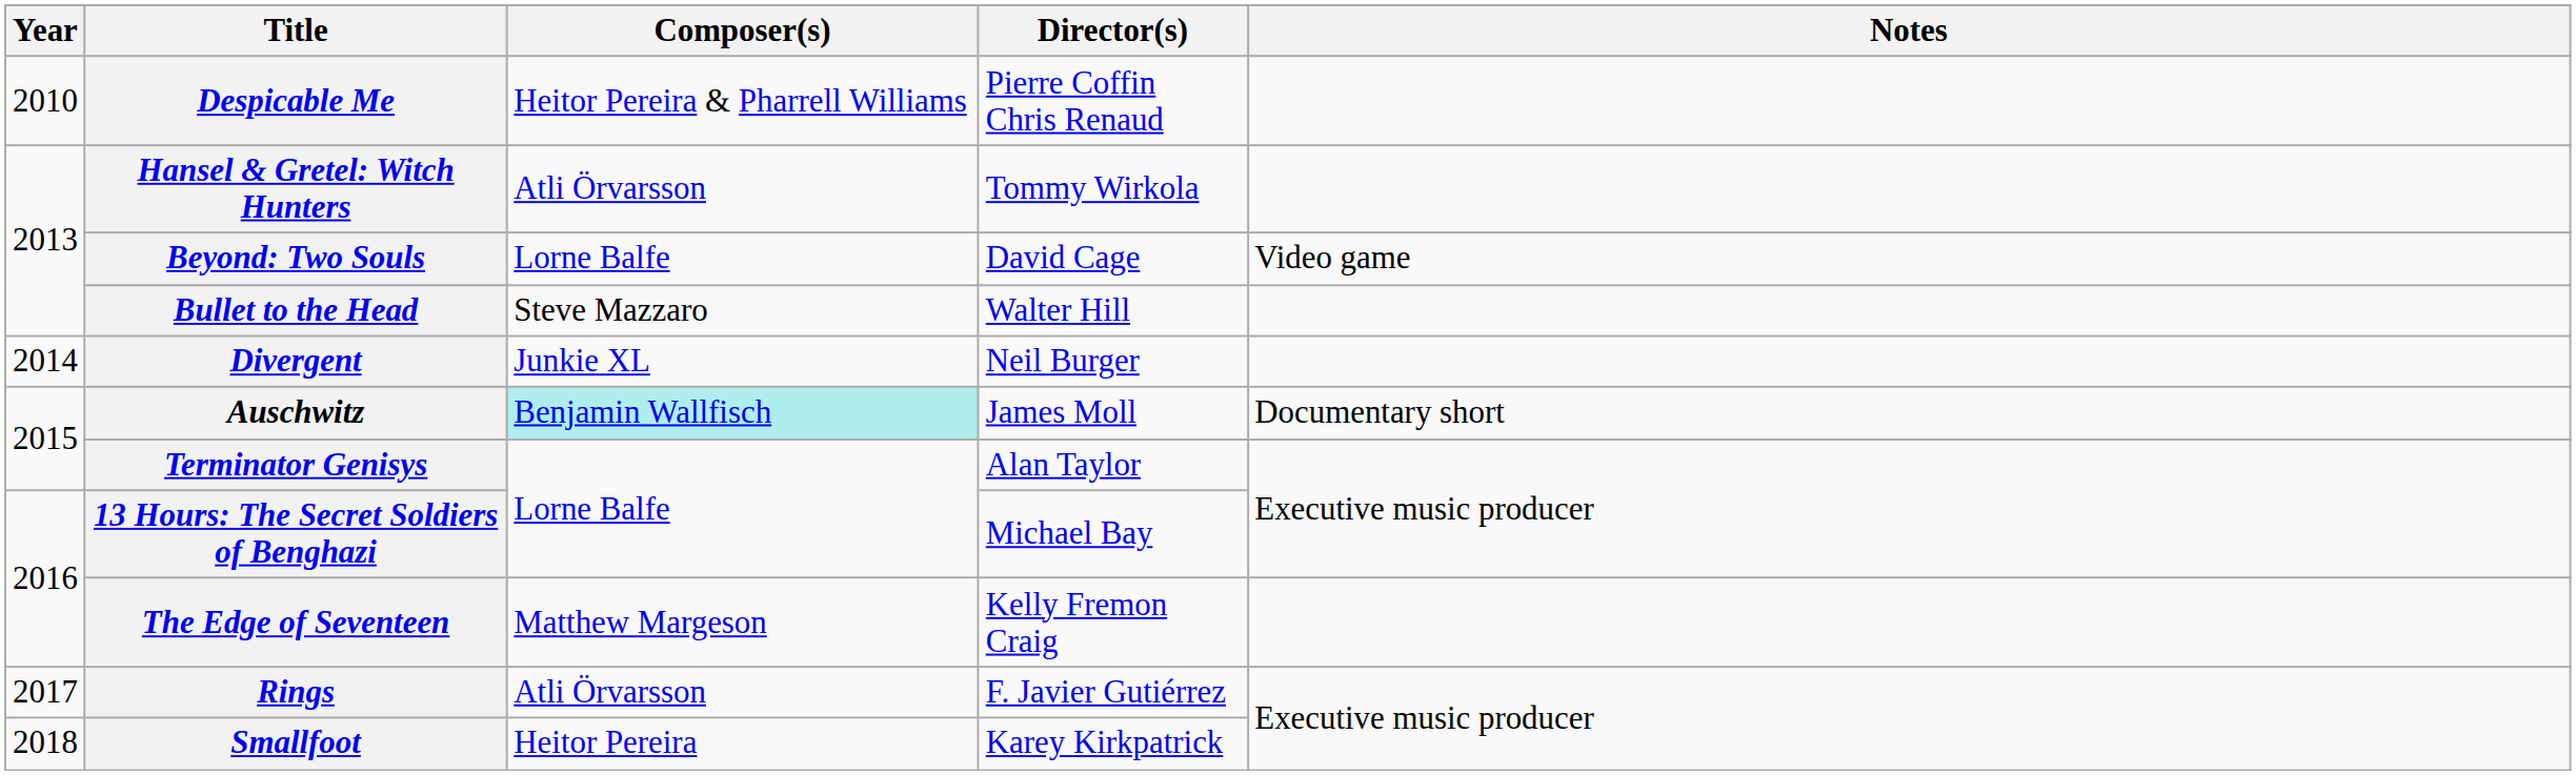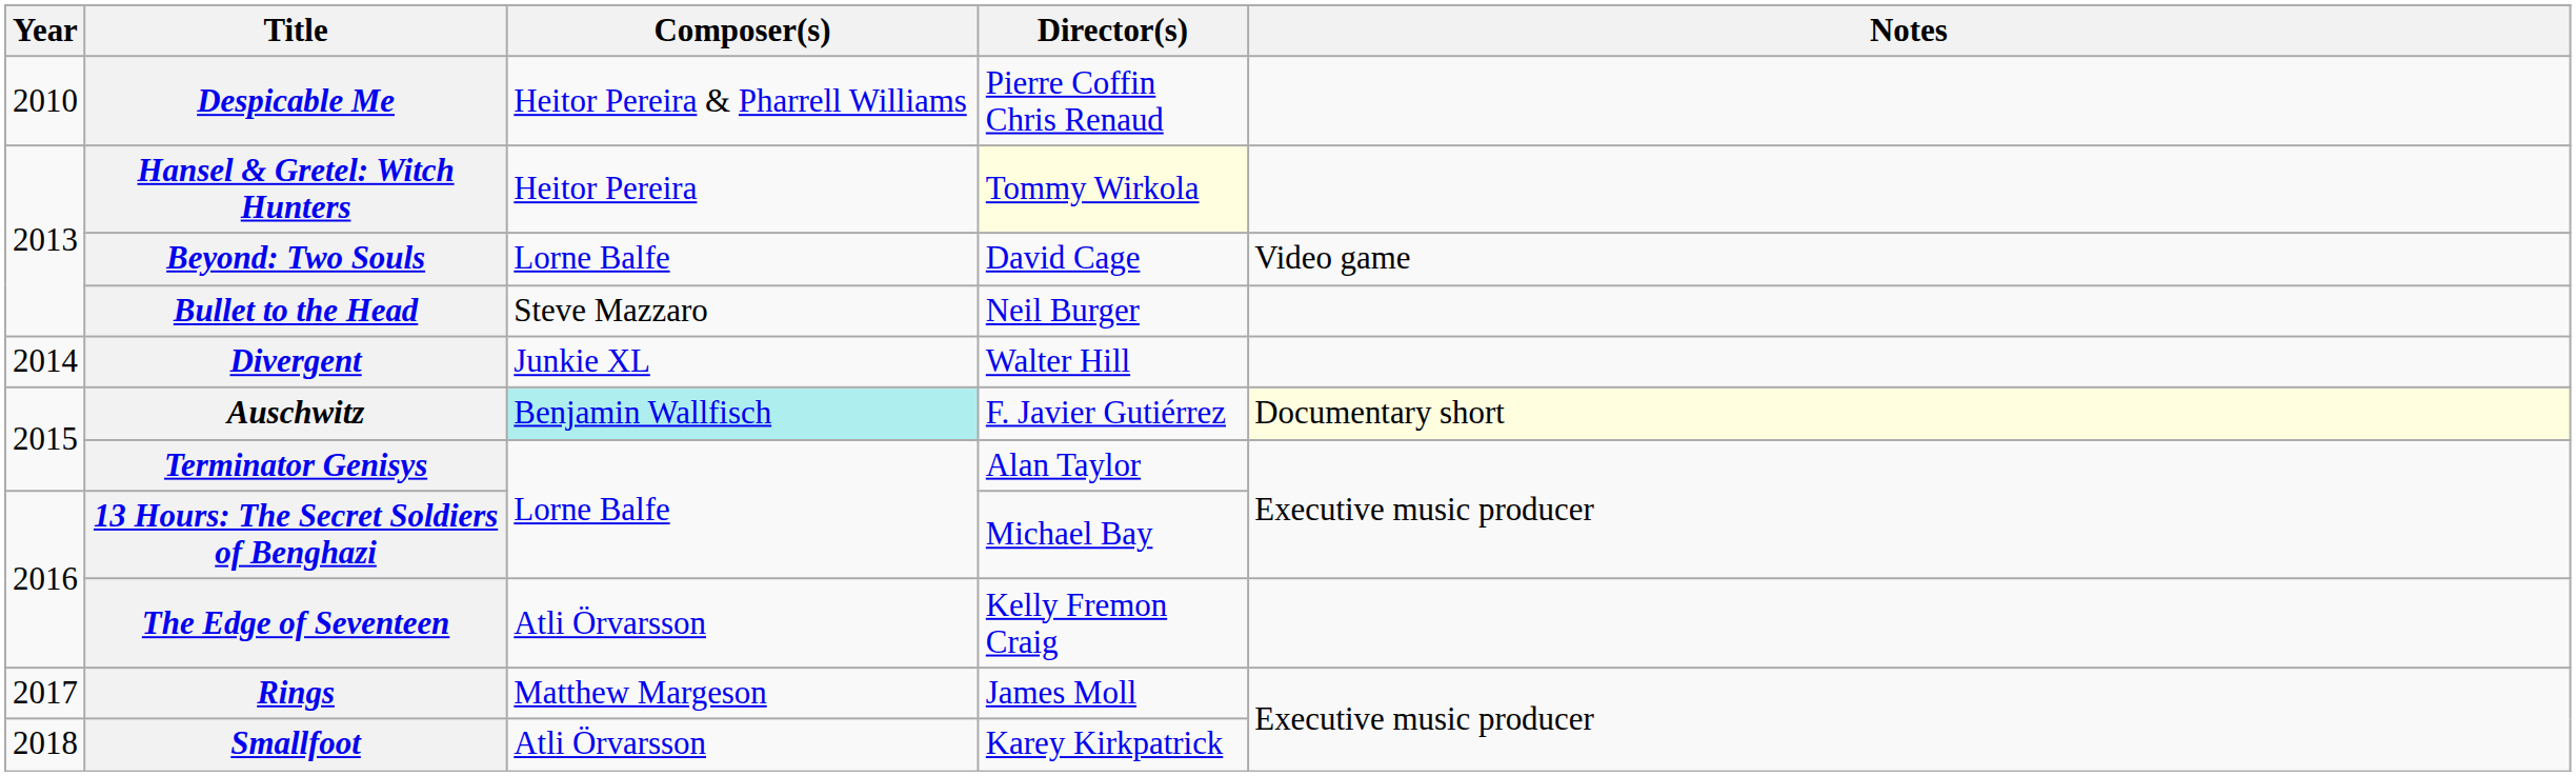 <table class="wikitable sortable" width=100%>
 <tr>
 <th width="30">Year</th>
 <th width="200">Title</th>
 <th width="225">Composer(s)</th>
 <th width="125">Director(s)</th>
 <th>Notes</th>
 </tr>
 <tr>
 <td>2010</td>
 <th><em><a href='#'>Despicable Me</a></em></th>
 <td><a href='#'>Heitor Pereira</a> & <a href='#'>Pharrell Williams</a></td>
 <td><a href='#'>Pierre Coffin</a><br><a href='#'>Chris Renaud</a></td>
 <td></td>
 </tr>
 <tr>
 <td rowspan="3">2013</td>
 <th><em><a href='#'>Hansel & Gretel: Witch Hunters</a></em></th>
-<td><a href='#'>Atli Örvarsson</a></td>
-<td><a href='#'>Tommy Wirkola</a></td>
+<td><a href='#'>Heitor Pereira</a></td>
+<td style="background: lightyellow;"><a href='#'>Tommy Wirkola</a></td>
 <td></td>
 </tr>
 <tr>
 <th><em><a href='#'>Beyond: Two Souls</a></em></th>
 <td><a href='#'>Lorne Balfe</a></td>
 <td><a href='#'>David Cage</a></td>
 <td>Video game</td>
 </tr>
 <tr>
 <th><em><a href='#'>Bullet to the Head</a></em></th>
 <td>Steve Mazzaro</td>
-<td><a href='#'>Walter Hill</a></td>
+<td><a href='#'>Neil Burger</a></td>
 <td></td>
 </tr>
 <tr>
 <td>2014</td>
 <th><em><a href='#'>Divergent</a></em></th>
 <td><a href='#'>Junkie XL</a></td>
-<td><a href='#'>Neil Burger</a></td>
+<td><a href='#'>Walter Hill</a></td>
 <td></td>
 </tr>
 <tr>
 <td rowspan="2">2015</td>
 <th><em>Auschwitz</em></th>
 <td style="background: paleturquoise;"><a href='#'>Benjamin Wallfisch</a></td>
-<td><a href='#'>James Moll</a></td>
-<td>Documentary short</td>
+<td><a href='#'>F. Javier Gutiérrez</a></td>
+<td style="background: lightyellow;">Documentary short</td>
 </tr>
 <tr>
 <th><em><a href='#'>Terminator Genisys</a></em></th>
 <td rowspan="2"><a href='#'>Lorne Balfe</a></td>
 <td><a href='#'>Alan Taylor</a></td>
 <td rowspan="2">Executive music producer</td>
 </tr>
 <tr>
 <td rowspan="2">2016</td>
 <th><em><a href='#'>13 Hours: The Secret Soldiers of Benghazi</a></em></th>
 <td><a href='#'>Michael Bay</a></td>
 </tr>
 <tr>
 <th><em><a href='#'>The Edge of Seventeen</a></em></th>
-<td><a href='#'>Matthew Margeson</a></td>
+<td><a href='#'>Atli Örvarsson</a></td>
 <td><a href='#'>Kelly Fremon Craig</a></td>
 <td></td>
 </tr>
 <tr>
 <td>2017</td>
 <th><em><a href='#'>Rings</a></em></th>
-<td><a href='#'>Atli Örvarsson</a></td>
-<td><a href='#'>F. Javier Gutiérrez</a></td>
+<td><a href='#'>Matthew Margeson</a></td>
+<td><a href='#'>James Moll</a></td>
 <td rowspan="2">Executive music producer</td>
 </tr>
 <tr>
 <td>2018</td>
 <th><em><a href='#'>Smallfoot</a></em></th>
-<td><a href='#'>Heitor Pereira</a></td>
+<td><a href='#'>Atli Örvarsson</a></td>
 <td><a href='#'>Karey Kirkpatrick</a></td>
 </tr>
 </table>
